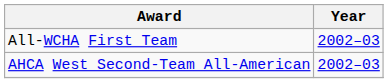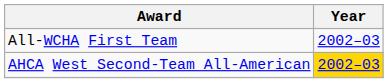 <table class="wikitable">
 <tr>
 <th>Award</th>
 <th>Year</th>
 </tr>
 <tr>
 <td>All-<a href='#'>WCHA</a> <a href='#'>First Team</a></td>
 <td><a href='#'>2002–03</a></td>
 </tr>
 <tr>
 <td><a href='#'>AHCA</a> <a href='#'>West Second-Team All-American</a></td>
-<td><a href='#'>2002–03</a></td>
+<td style="background: gold;"><a href='#'>2002–03</a></td>
 </tr>
 <tr>
 </tr>
 </table>
